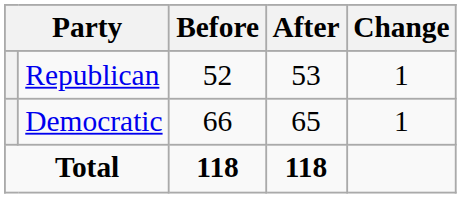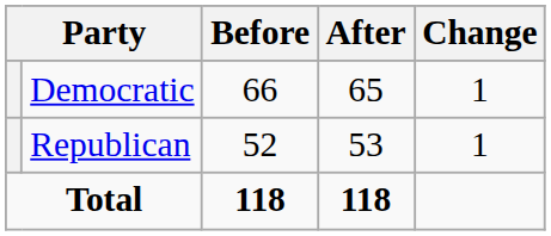 <table class="wikitable" style="text-align:center;">
 <tr>
 <th colspan="2">Party</th>
 <th>Before</th>
 <th>After</th>
 <th>Change</th>
 </tr>
 <tr>
 <th style="background-color:"></th>
-<td style="text-align:left;"><a href='#'>Republican</a></td>
-<td>52</td>
-<td>53</td>
+<td style="text-align:left;"><a href='#'>Democratic</a></td>
+<td>66</td>
+<td>65</td>
 <td> 1</td>
 </tr>
 <tr>
 <th style="background-color:"></th>
-<td style="text-align:left;"><a href='#'>Democratic</a></td>
-<td>66</td>
-<td>65</td>
+<td style="text-align:left;"><a href='#'>Republican</a></td>
+<td>52</td>
+<td>53</td>
 <td> 1</td>
 </tr>
 <tr>
 <td colspan="2"><strong>Total</strong></td>
 <td><strong>118</strong></td>
 <td><strong>118</strong></td>
 <td></td>
 </tr>
 </table>
